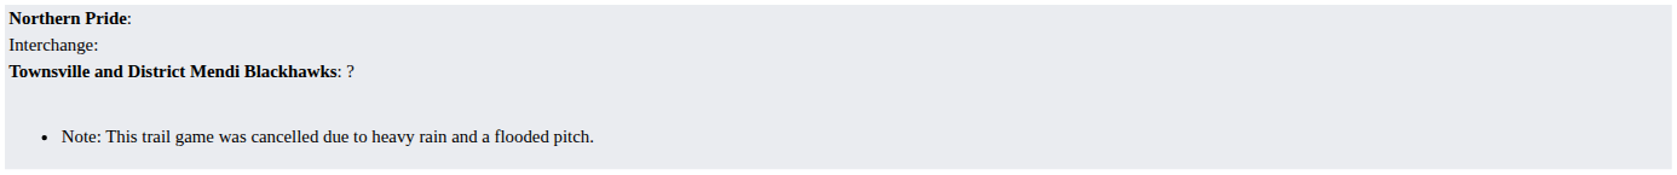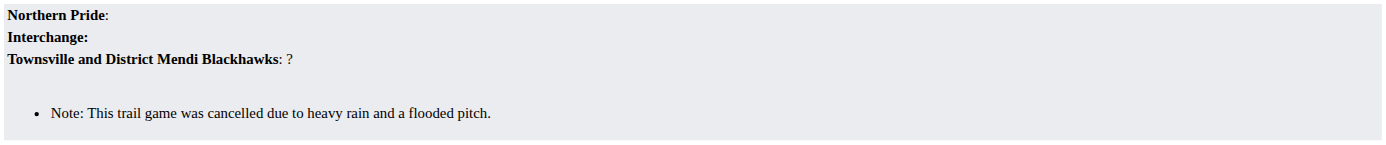 <table style="background:#eaecf0; font-size:85%; width:100%;">
 <tr>
 <td><strong>Northern Pride</strong>:             </td>
 </tr>
 <tr>
-<td>Interchange:    </td>
+<td><strong>Interchange:    </strong></td>
 </tr>
 <tr>
 <td><strong>Townsville and District Mendi Blackhawks</strong>: ?</td>
 </tr>
 <tr>
 <td><br><ul><li>Note: This trail game was cancelled due to heavy rain and a flooded pitch.</li></ul></td>
 </tr>
 </table>
